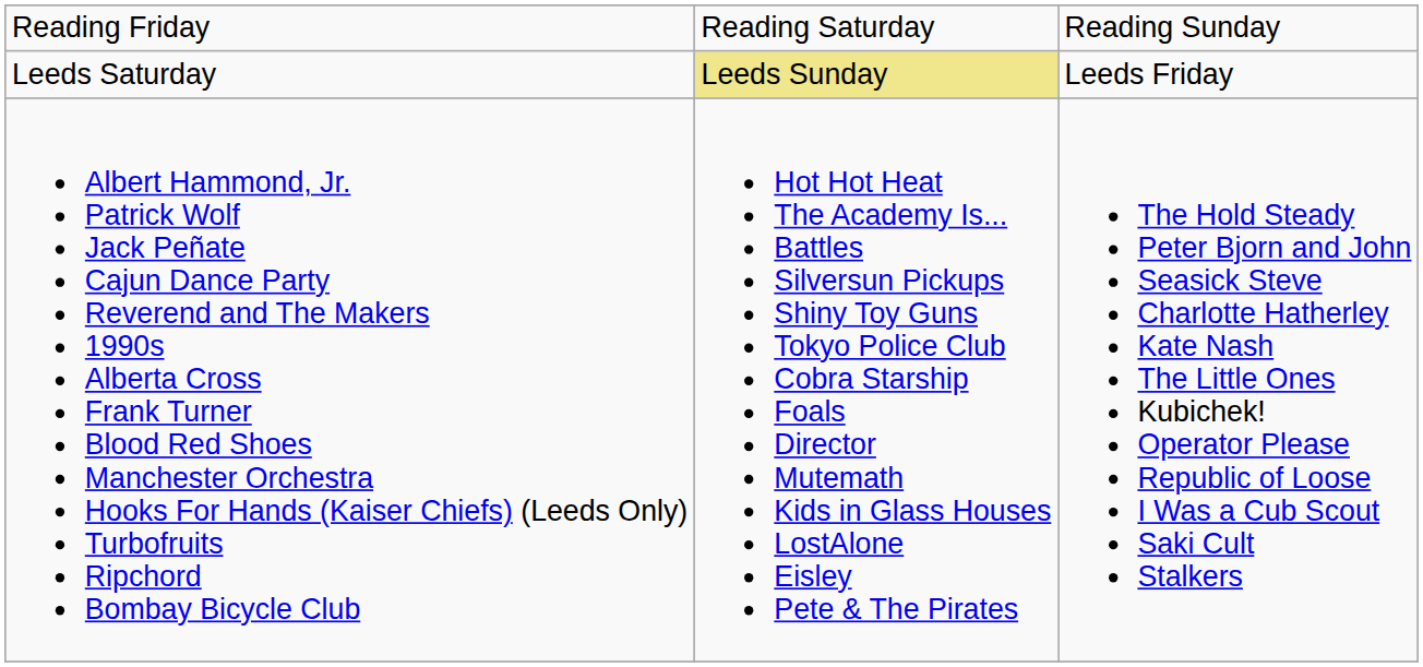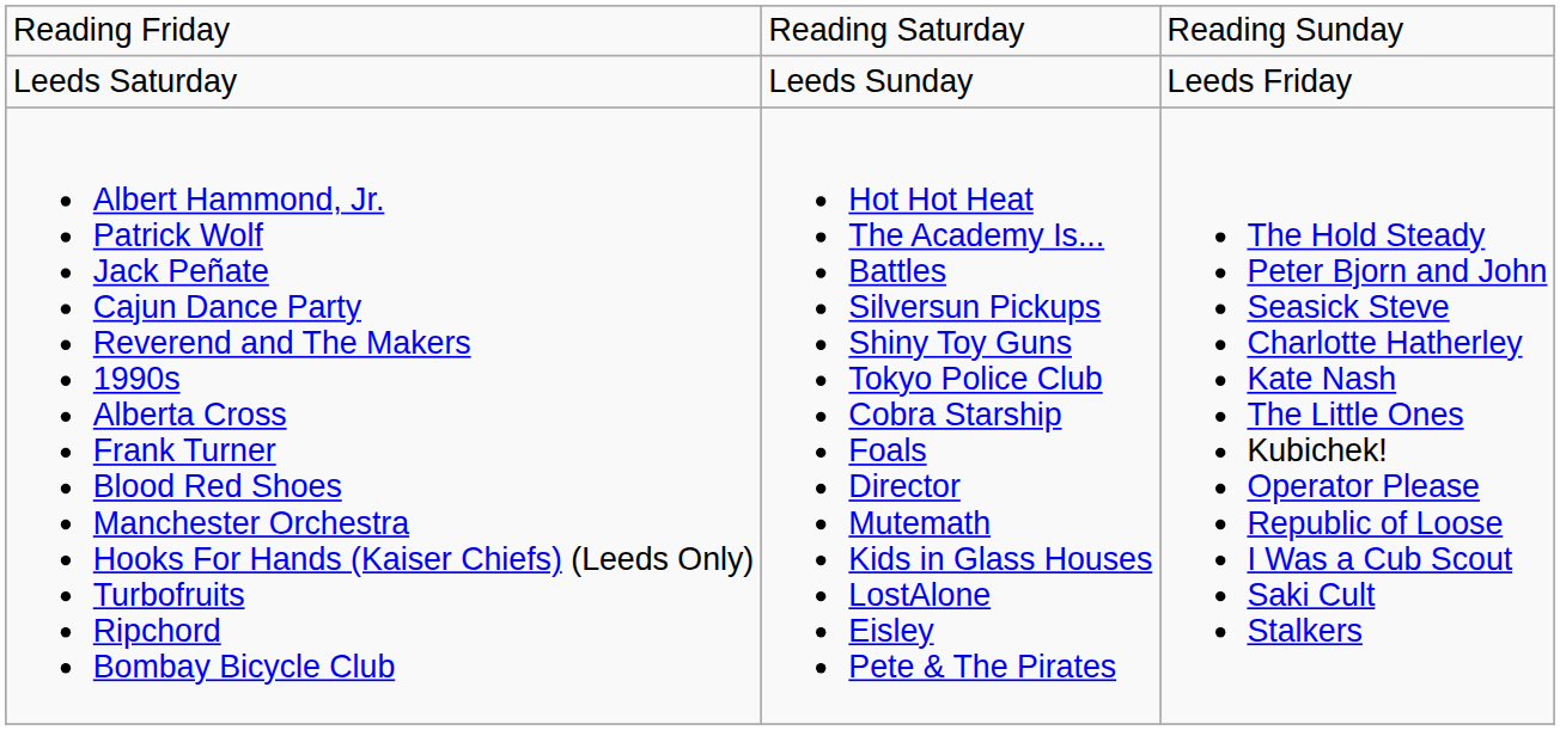 <table class="wikitable">
 <tr>
 <td>Reading Friday</td>
 <td>Reading Saturday</td>
 <td>Reading Sunday</td>
 </tr>
 <tr>
 <td>Leeds Saturday</td>
-<td style="background: khaki;">Leeds Sunday</td>
+<td>Leeds Sunday</td>
 <td>Leeds Friday</td>
 </tr>
 <tr>
 <td><br><ul><li><a href='#'>Albert Hammond, Jr.</a></li><li><a href='#'>Patrick Wolf</a></li><li><a href='#'>Jack Peñate</a></li><li><a href='#'>Cajun Dance Party</a></li><li><a href='#'>Reverend and The Makers</a></li><li><a href='#'>1990s</a></li><li><a href='#'>Alberta Cross</a></li><li><a href='#'>Frank Turner</a></li><li><a href='#'>Blood Red Shoes</a></li><li><a href='#'>Manchester Orchestra</a></li><li><a href='#'>Hooks For Hands (Kaiser Chiefs)</a> (Leeds Only)</li><li><a href='#'>Turbofruits</a></li><li><a href='#'>Ripchord</a></li><li><a href='#'>Bombay Bicycle Club</a></li></ul></td>
 <td><br><ul><li><a href='#'>Hot Hot Heat</a></li><li><a href='#'>The Academy Is...</a></li><li><a href='#'>Battles</a></li><li><a href='#'>Silversun Pickups</a></li><li><a href='#'>Shiny Toy Guns</a></li><li><a href='#'>Tokyo Police Club</a></li><li><a href='#'>Cobra Starship</a></li><li><a href='#'>Foals</a></li><li><a href='#'>Director</a></li><li><a href='#'>Mutemath</a></li><li><a href='#'>Kids in Glass Houses</a></li><li><a href='#'>LostAlone</a></li><li><a href='#'>Eisley</a></li><li><a href='#'>Pete & The Pirates</a></li></ul></td>
 <td><br><ul><li><a href='#'>The Hold Steady</a></li><li><a href='#'>Peter Bjorn and John</a></li><li><a href='#'>Seasick Steve</a></li><li><a href='#'>Charlotte Hatherley</a></li><li><a href='#'>Kate Nash</a></li><li><a href='#'>The Little Ones</a></li><li>Kubichek!</li><li><a href='#'>Operator Please</a></li><li><a href='#'>Republic of Loose</a></li><li><a href='#'>I Was a Cub Scout</a></li><li><a href='#'>Saki Cult</a></li><li><a href='#'>Stalkers</a></li></ul></td>
 </tr>
 </table>
